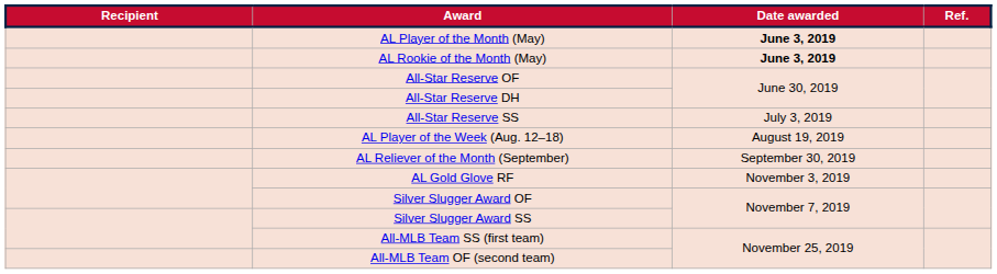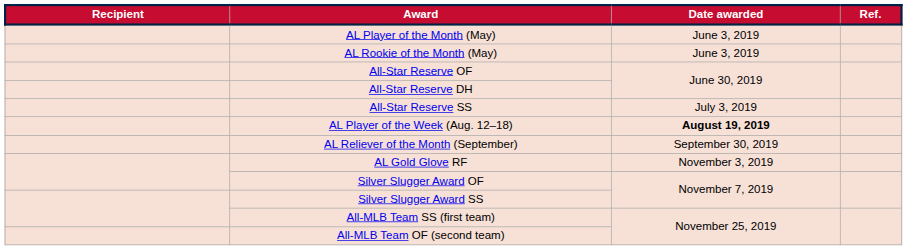 <table class="wikitable sortable" style="text-align:center; background:#f7e1d7;">
 <tr>
 <th style="background:#c60c30; color:#FFF; border-top: 3px solid #024; border-bottom: 3px solid #024; border-left: 3px solid #024;" width="5%">Recipient</th>
 <th style="background:#c60c30; color:#FFF; border-top: 3px solid #024; border-bottom: 3px solid #024;" width="9%">Award</th>
 <th style="background:#c60c30; color:#FFF; border-top: 3px solid #024; border-bottom: 3px solid #024;" width="5%">Date awarded</th>
 <th style="background:#c60c30; color:#FFF; border-top: 3px solid #024; border-bottom: 3px solid #024; border-right: 3px solid #024;" width="1%" class="unsortable">Ref.</th>
 </tr>
 <tr>
 <td></td>
 <td><a href='#'>AL Player of the Month</a> (May)</td>
-<td><strong>June 3, 2019</strong></td>
+<td>June 3, 2019</td>
 <td></td>
 </tr>
 <tr>
 <td></td>
 <td><a href='#'>AL Rookie of the Month</a> (May)</td>
-<td><strong>June 3, 2019</strong></td>
+<td>June 3, 2019</td>
 <td></td>
 </tr>
 <tr>
 <td></td>
 <td><a href='#'>All-Star Reserve</a> OF</td>
 <td rowspan=2>June 30, 2019</td>
 <td rowspan=2></td>
 </tr>
 <tr>
 <td></td>
 <td><a href='#'>All-Star Reserve</a> DH</td>
 </tr>
 <tr>
 <td></td>
 <td><a href='#'>All-Star Reserve</a> SS</td>
 <td>July 3, 2019</td>
 <td></td>
 </tr>
 <tr>
 <td></td>
 <td><a href='#'>AL Player of the Week</a> (Aug. 12–18)</td>
-<td>August 19, 2019</td>
+<td><strong>August 19, 2019</strong></td>
 <td></td>
 </tr>
 <tr>
 <td></td>
 <td><a href='#'>AL Reliever of the Month</a> (September)</td>
 <td>September 30, 2019</td>
 <td></td>
 </tr>
 <tr>
 <td rowspan=2></td>
 <td><a href='#'>AL Gold Glove</a> RF</td>
 <td>November 3, 2019</td>
 <td></td>
 </tr>
 <tr>
 <td><a href='#'>Silver Slugger Award</a> OF</td>
 <td rowspan=2>November 7, 2019</td>
 <td rowspan=2></td>
 </tr>
 <tr>
 <td rowspan=2></td>
 <td><a href='#'>Silver Slugger Award</a> SS</td>
 </tr>
 <tr>
 <td><a href='#'>All-MLB Team</a> SS (first team)</td>
 <td rowspan=2>November 25, 2019</td>
 <td rowspan=2></td>
 </tr>
 <tr>
 <td></td>
 <td><a href='#'>All-MLB Team</a> OF (second team)</td>
 </tr>
 </table>
